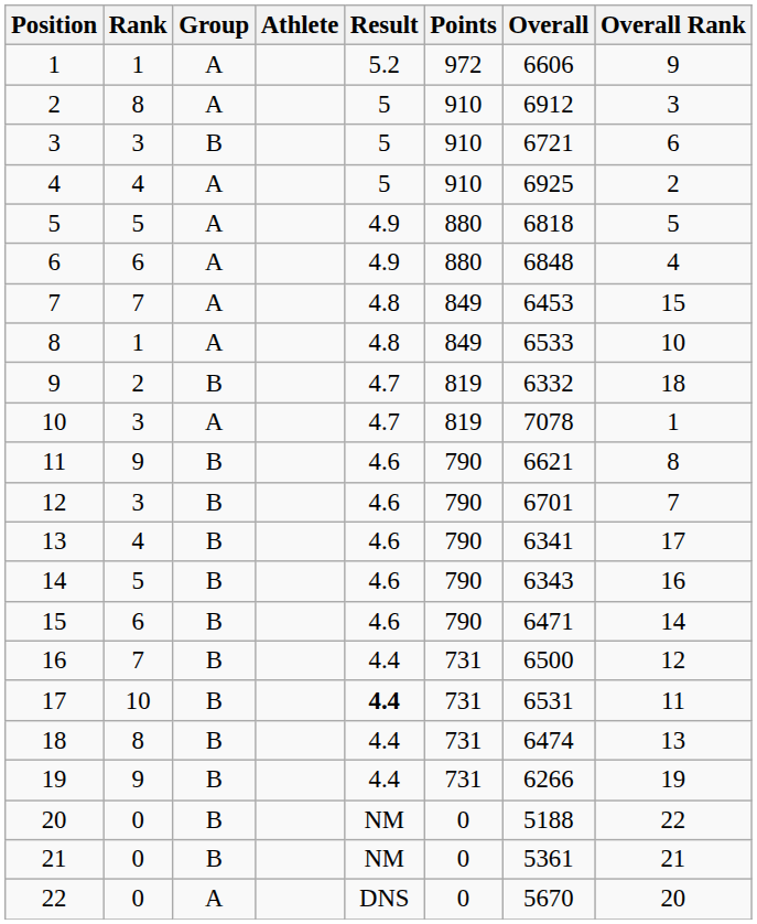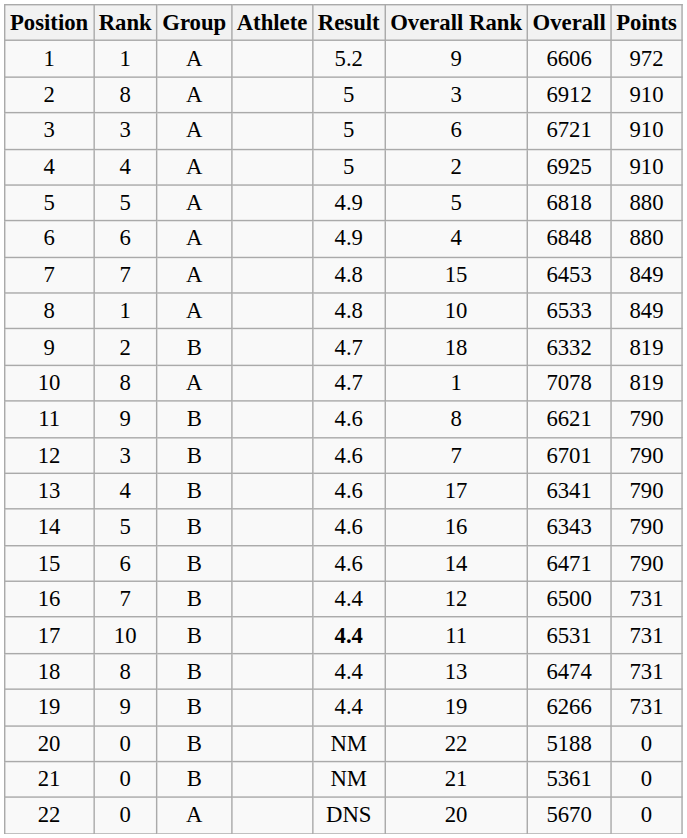 <table class="wikitable sortable" style="text-align:center">
 <tr>
 <th>Position</th>
 <th>Rank</th>
 <th>Group</th>
 <th>Athlete</th>
 <th>Result</th>
+<th>Overall Rank</th>
+<th>Overall</th>
 <th>Points</th>
-<th>Overall</th>
-<th>Overall Rank</th>
 </tr>
 <tr>
 <td>1</td>
 <td>1</td>
 <td>A</td>
 <td align=left></td>
 <td>5.2</td>
+<td>9</td>
+<td>6606</td>
 <td>972</td>
-<td>6606</td>
-<td>9</td>
 </tr>
 <tr>
 <td>2</td>
 <td>8</td>
 <td>A</td>
 <td align=left></td>
 <td>5</td>
+<td>3</td>
+<td>6912</td>
 <td>910</td>
-<td>6912</td>
-<td>3</td>
 </tr>
 <tr>
 <td>3</td>
 <td>3</td>
-<td>B</td>
+<td>A</td>
 <td align=left></td>
 <td>5</td>
+<td>6</td>
+<td>6721</td>
 <td>910</td>
-<td>6721</td>
-<td>6</td>
 </tr>
 <tr>
 <td>4</td>
 <td>4</td>
 <td>A</td>
 <td align=left></td>
 <td>5</td>
+<td>2</td>
+<td>6925</td>
 <td>910</td>
-<td>6925</td>
-<td>2</td>
 </tr>
 <tr>
 <td>5</td>
 <td>5</td>
 <td>A</td>
 <td align=left></td>
 <td>4.9</td>
+<td>5</td>
+<td>6818</td>
 <td>880</td>
-<td>6818</td>
-<td>5</td>
 </tr>
 <tr>
 <td>6</td>
 <td>6</td>
 <td>A</td>
 <td align=left></td>
 <td>4.9</td>
+<td>4</td>
+<td>6848</td>
 <td>880</td>
-<td>6848</td>
-<td>4</td>
 </tr>
 <tr>
 <td>7</td>
 <td>7</td>
 <td>A</td>
 <td align=left></td>
 <td>4.8</td>
+<td>15</td>
+<td>6453</td>
 <td>849</td>
-<td>6453</td>
-<td>15</td>
 </tr>
 <tr>
 <td>8</td>
 <td>1</td>
 <td>A</td>
 <td align=left></td>
 <td>4.8</td>
+<td>10</td>
+<td>6533</td>
 <td>849</td>
-<td>6533</td>
-<td>10</td>
 </tr>
 <tr>
 <td>9</td>
 <td>2</td>
 <td>B</td>
 <td align=left></td>
 <td>4.7</td>
+<td>18</td>
+<td>6332</td>
 <td>819</td>
-<td>6332</td>
-<td>18</td>
 </tr>
 <tr>
 <td>10</td>
-<td>3</td>
+<td>8</td>
 <td>A</td>
 <td align=left></td>
 <td>4.7</td>
+<td>1</td>
+<td>7078</td>
 <td>819</td>
-<td>7078</td>
-<td>1</td>
 </tr>
 <tr>
 <td>11</td>
 <td>9</td>
 <td>B</td>
 <td align=left></td>
 <td>4.6</td>
+<td>8</td>
+<td>6621</td>
 <td>790</td>
-<td>6621</td>
-<td>8</td>
 </tr>
 <tr>
 <td>12</td>
 <td>3</td>
 <td>B</td>
 <td align=left></td>
 <td>4.6</td>
+<td>7</td>
+<td>6701</td>
 <td>790</td>
-<td>6701</td>
-<td>7</td>
 </tr>
 <tr>
 <td>13</td>
 <td>4</td>
 <td>B</td>
 <td align=left></td>
 <td>4.6</td>
+<td>17</td>
+<td>6341</td>
 <td>790</td>
-<td>6341</td>
-<td>17</td>
 </tr>
 <tr>
 <td>14</td>
 <td>5</td>
 <td>B</td>
 <td align=left></td>
 <td>4.6</td>
+<td>16</td>
+<td>6343</td>
 <td>790</td>
-<td>6343</td>
-<td>16</td>
 </tr>
 <tr>
 <td>15</td>
 <td>6</td>
 <td>B</td>
 <td align=left></td>
 <td>4.6</td>
+<td>14</td>
+<td>6471</td>
 <td>790</td>
-<td>6471</td>
-<td>14</td>
 </tr>
 <tr>
 <td>16</td>
 <td>7</td>
 <td>B</td>
 <td align=left></td>
 <td>4.4</td>
+<td>12</td>
+<td>6500</td>
 <td>731</td>
-<td>6500</td>
-<td>12</td>
 </tr>
 <tr>
 <td>17</td>
 <td>10</td>
 <td>B</td>
 <td align=left></td>
 <td><strong>4.4</strong></td>
+<td>11</td>
+<td>6531</td>
 <td>731</td>
-<td>6531</td>
-<td>11</td>
 </tr>
 <tr>
 <td>18</td>
 <td>8</td>
 <td>B</td>
 <td align=left></td>
 <td>4.4</td>
+<td>13</td>
+<td>6474</td>
 <td>731</td>
-<td>6474</td>
-<td>13</td>
 </tr>
 <tr>
 <td>19</td>
 <td>9</td>
 <td>B</td>
 <td align=left></td>
 <td>4.4</td>
+<td>19</td>
+<td>6266</td>
 <td>731</td>
-<td>6266</td>
-<td>19</td>
 </tr>
 <tr>
 <td>20</td>
 <td>0</td>
 <td>B</td>
 <td align=left></td>
 <td>NM</td>
+<td>22</td>
+<td>5188</td>
 <td>0</td>
-<td>5188</td>
-<td>22</td>
 </tr>
 <tr>
 <td>21</td>
 <td>0</td>
 <td>B</td>
 <td align=left></td>
 <td>NM</td>
+<td>21</td>
+<td>5361</td>
 <td>0</td>
-<td>5361</td>
-<td>21</td>
 </tr>
 <tr>
 <td>22</td>
 <td>0</td>
 <td>A</td>
 <td align=left></td>
 <td>DNS</td>
+<td>20</td>
+<td>5670</td>
 <td>0</td>
-<td>5670</td>
-<td>20</td>
 </tr>
 </table>
